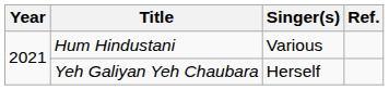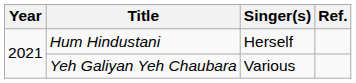 <table class="wikitable sortable">
 <tr>
 <th>Year</th>
 <th>Title</th>
 <th>Singer(s)</th>
 <th class="unsortable">Ref.</th>
 </tr>
 <tr>
 <td rowspan="2">2021</td>
 <td><em>Hum Hindustani</em></td>
-<td>Various</td>
+<td>Herself</td>
 <td></td>
 </tr>
 <tr>
 <td><em>Yeh Galiyan Yeh Chaubara</em></td>
-<td>Herself</td>
+<td>Various</td>
 <td></td>
 </tr>
 </table>
